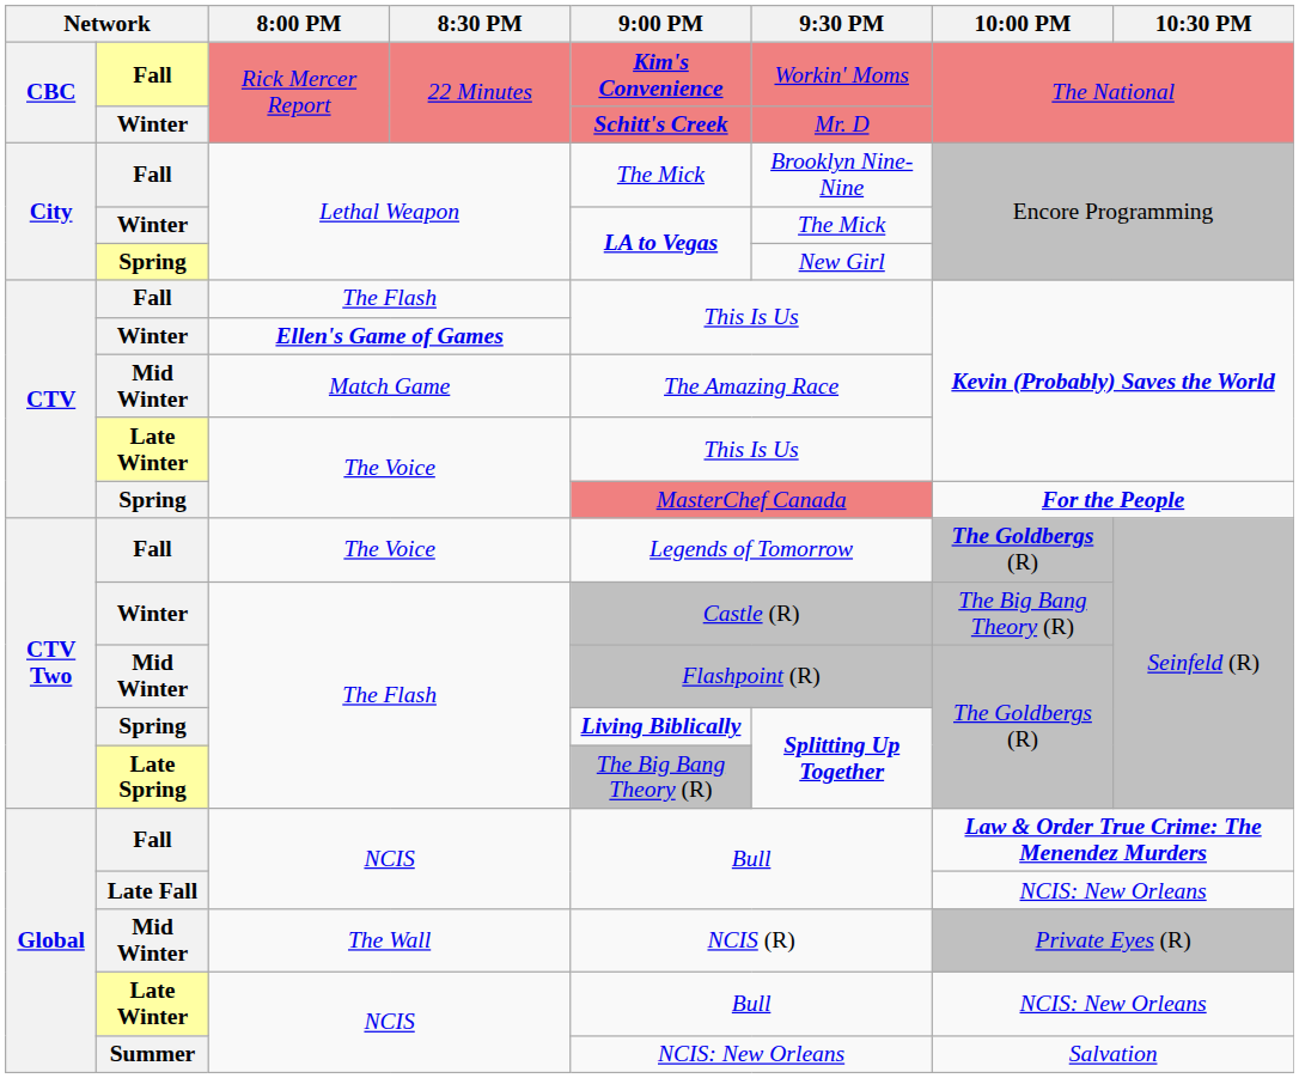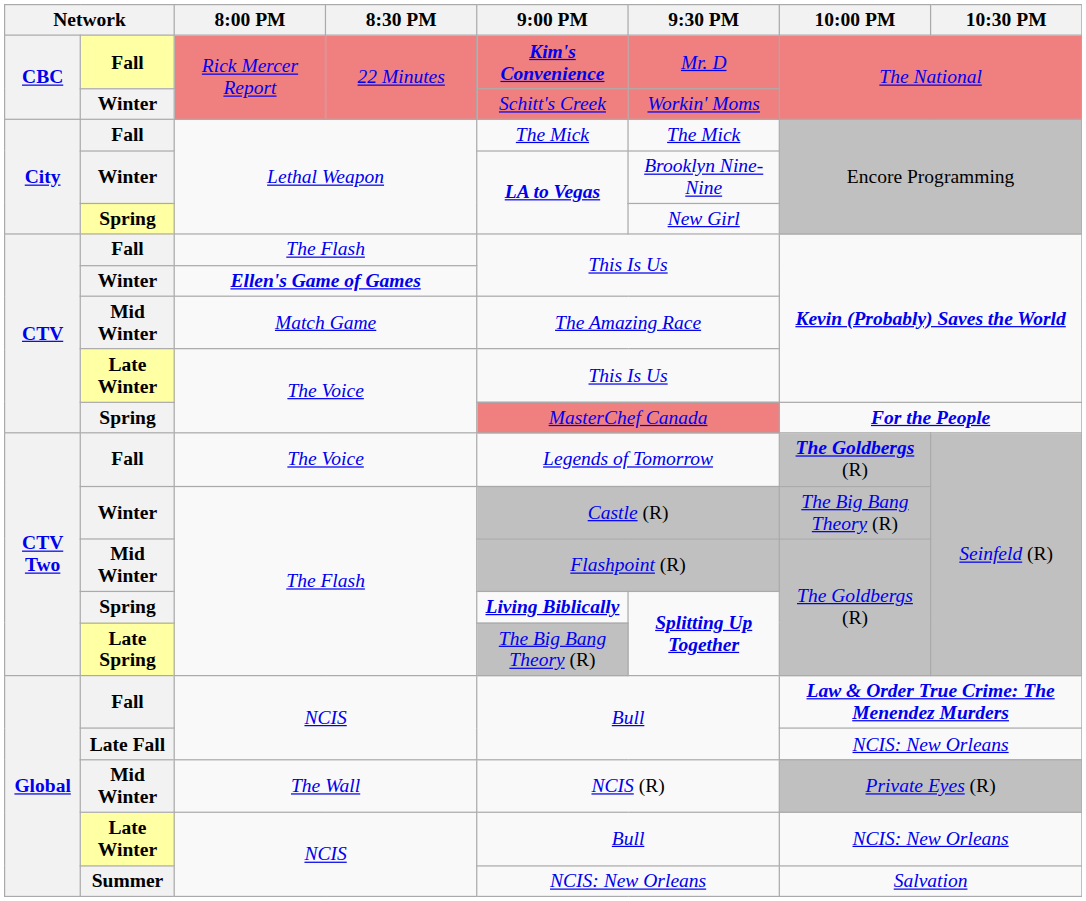 <table class="wikitable" style="width:100%;margin-right:0;text-align:center">
 <tr>
 <th colspan="2" style="width:10%;">Network</th>
 <th style="width:11.5%;">8:00 PM</th>
 <th style="width:11.5%;">8:30 PM</th>
 <th style="width:11.5%;">9:00 PM</th>
 <th style="width:11.5%;">9:30 PM</th>
 <th style="width:11.5%;">10:00 PM</th>
 <th style="width:11.5%;">10:30 PM</th>
 </tr>
 <tr>
 <th rowspan="2"><a href='#'>CBC</a></th>
 <th style="background:#FFFFA3;">Fall</th>
 <td rowspan="2" style="background:#f08080;"><em><a href='#'>Rick Mercer Report</a></em></td>
 <td rowspan="2" style="background:#f08080;"><em><a href='#'>22 Minutes</a></em></td>
 <td style="background:#f08080;"><strong><em><a href='#'>Kim's Convenience</a></em></strong></td>
-<td style="background:#f08080;"><em><a href='#'>Workin' Moms</a></em></td>
+<td style="background:#f08080;"><em><a href='#'>Mr. D</a></em></td>
 <td rowspan="2" colspan="2" style="background:#f08080;"><em><a href='#'>The National</a></em></td>
 </tr>
 <tr>
 <th>Winter</th>
-<td style="background:#f08080;"><strong><em><a href='#'>Schitt's Creek</a></em></strong></td>
-<td style="background:#f08080;"><em><a href='#'>Mr. D</a></em></td>
+<td style="background:#f08080;"><em><a href='#'>Schitt's Creek</a></em></td>
+<td style="background:#f08080;"><em><a href='#'>Workin' Moms</a></em></td>
 </tr>
 <tr>
 <th rowspan="3"><a href='#'>City</a></th>
 <th>Fall</th>
 <td rowspan="3" colspan="2"><em><a href='#'>Lethal Weapon</a></em></td>
 <td><em><a href='#'>The Mick</a></em></td>
-<td><em><a href='#'>Brooklyn Nine-Nine</a></em></td>
+<td><em><a href='#'>The Mick</a></em></td>
 <td rowspan="3" colspan="2" style="background:silver;">Encore Programming</td>
 </tr>
 <tr>
 <th>Winter</th>
 <td rowspan="2"><strong><em><a href='#'>LA to Vegas</a></em></strong></td>
-<td><em><a href='#'>The Mick</a></em></td>
+<td><em><a href='#'>Brooklyn Nine-Nine</a></em></td>
 </tr>
 <tr>
 <th style="background:#FFFFA3;">Spring</th>
 <td><em><a href='#'>New Girl</a></em></td>
 </tr>
 <tr>
 <th rowspan="5"><a href='#'>CTV</a></th>
 <th>Fall</th>
 <td colspan="2"><em><a href='#'>The Flash</a></em></td>
 <td rowspan="2" colspan="2"><em><a href='#'>This Is Us</a></em></td>
 <td rowspan="4" colspan="2"><strong><em><a href='#'>Kevin (Probably) Saves the World</a></em></strong></td>
 </tr>
 <tr>
 <th>Winter</th>
 <td colspan="2"><strong><em><a href='#'>Ellen's Game of Games</a></em></strong></td>
 </tr>
 <tr>
 <th>Mid Winter</th>
 <td colspan="2"><em><a href='#'>Match Game</a></em></td>
 <td colspan="2"><em><a href='#'>The Amazing Race</a></em></td>
 </tr>
 <tr>
 <th style="background:#FFFFA3;">Late Winter</th>
 <td rowspan="2" colspan="2"><em><a href='#'>The Voice</a></em></td>
 <td colspan="2"><em><a href='#'>This Is Us</a></em></td>
 </tr>
 <tr>
 <th>Spring</th>
 <td colspan="2" style="background:#f08080;"><em><a href='#'>MasterChef Canada</a></em></td>
 <td colspan="2"><strong><em><a href='#'>For the People</a></em></strong></td>
 </tr>
 <tr>
 <th rowspan="5"><a href='#'>CTV Two</a></th>
 <th>Fall</th>
 <td colspan="2"><em><a href='#'>The Voice</a></em></td>
 <td colspan="2"><em><a href='#'>Legends of Tomorrow</a></em></td>
 <td style="background:silver;"><strong><em><a href='#'>The Goldbergs</a></em></strong> (R)</td>
 <td rowspan="5" style="background:silver;"><em><a href='#'>Seinfeld</a></em> (R)</td>
 </tr>
 <tr>
 <th>Winter</th>
 <td rowspan="4" colspan="2"><em><a href='#'>The Flash</a></em></td>
 <td colspan="2" style="background:silver;"><em><a href='#'>Castle</a></em> (R)</td>
 <td style="background:silver;"><em><a href='#'>The Big Bang Theory</a></em> (R)</td>
 </tr>
 <tr>
 <th>Mid Winter</th>
 <td colspan="2" style="background:silver;"><em><a href='#'>Flashpoint</a></em> (R)</td>
 <td rowspan="3" style="background:silver;"><em><a href='#'>The Goldbergs</a></em> (R)</td>
 </tr>
 <tr>
 <th>Spring</th>
 <td><strong><em><a href='#'>Living Biblically</a></em></strong></td>
 <td rowspan="2"><strong><em><a href='#'>Splitting Up Together</a></em></strong></td>
 </tr>
 <tr>
 <th style="background:#FFFFA3;">Late Spring</th>
 <td style="background:silver;"><em><a href='#'>The Big Bang Theory</a></em> (R)</td>
 </tr>
 <tr>
 <th rowspan="6"><a href='#'>Global</a></th>
 <th>Fall</th>
 <td rowspan="2" colspan="2"><em><a href='#'>NCIS</a></em></td>
 <td rowspan="2" colspan="2"><em><a href='#'>Bull</a></em></td>
 <td colspan="2"><strong><em><a href='#'>Law & Order True Crime: The Menendez Murders</a></em></strong></td>
 </tr>
 <tr>
 <th>Late Fall</th>
 <td colspan="2"><em><a href='#'>NCIS: New Orleans</a></em></td>
 </tr>
 <tr>
 <th>Mid Winter</th>
 <td colspan="2"><em><a href='#'>The Wall</a></em></td>
 <td colspan="2"><em><a href='#'>NCIS</a></em> (R)</td>
 <td colspan="2" style="background:silver;"><em><a href='#'>Private Eyes</a></em> (R)</td>
 </tr>
 <tr>
 <th style="background:#FFFFA3;">Late Winter</th>
 <td rowspan="2" colspan="2"><em><a href='#'>NCIS</a></em></td>
 <td colspan="2"><em><a href='#'>Bull</a></em></td>
 <td colspan="2"><em><a href='#'>NCIS: New Orleans</a></em></td>
 </tr>
 <tr>
 <th>Summer</th>
 <td colspan="2"><em><a href='#'>NCIS: New Orleans</a></em></td>
 <td colspan="2"><em><a href='#'>Salvation</a></em></td>
 </tr>
 </table>
